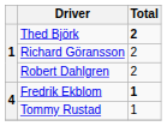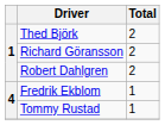 <table class="wikitable" style="font-size:100%;">
 <tr>
 <th></th>
 <th>Driver</th>
 <th>Total</th>
 </tr>
 <tr>
 <th rowspan="3">1</th>
 <td> <a href='#'>Thed Björk</a></td>
-<td><strong>2</strong></td>
+<td>2</td>
 </tr>
 <tr>
 <td> <a href='#'>Richard Göransson</a></td>
 <td>2</td>
 </tr>
 <tr>
 <td> <a href='#'>Robert Dahlgren</a></td>
 <td>2</td>
 </tr>
 <tr>
 <th rowspan="2">4</th>
 <td> <a href='#'>Fredrik Ekblom</a></td>
-<td><strong>1</strong></td>
+<td>1</td>
 </tr>
 <tr>
 <td> <a href='#'>Tommy Rustad</a></td>
 <td>1</td>
 </tr>
 <tr>
 </tr>
 </table>
